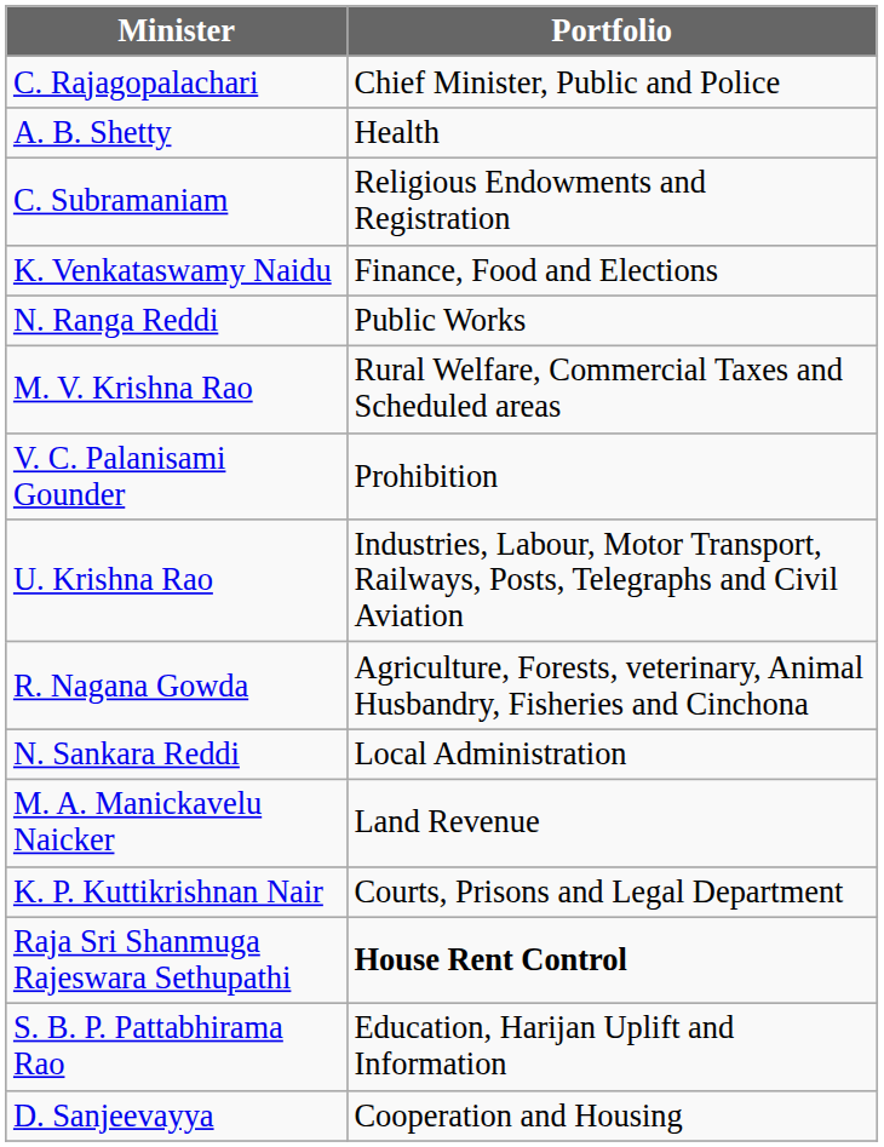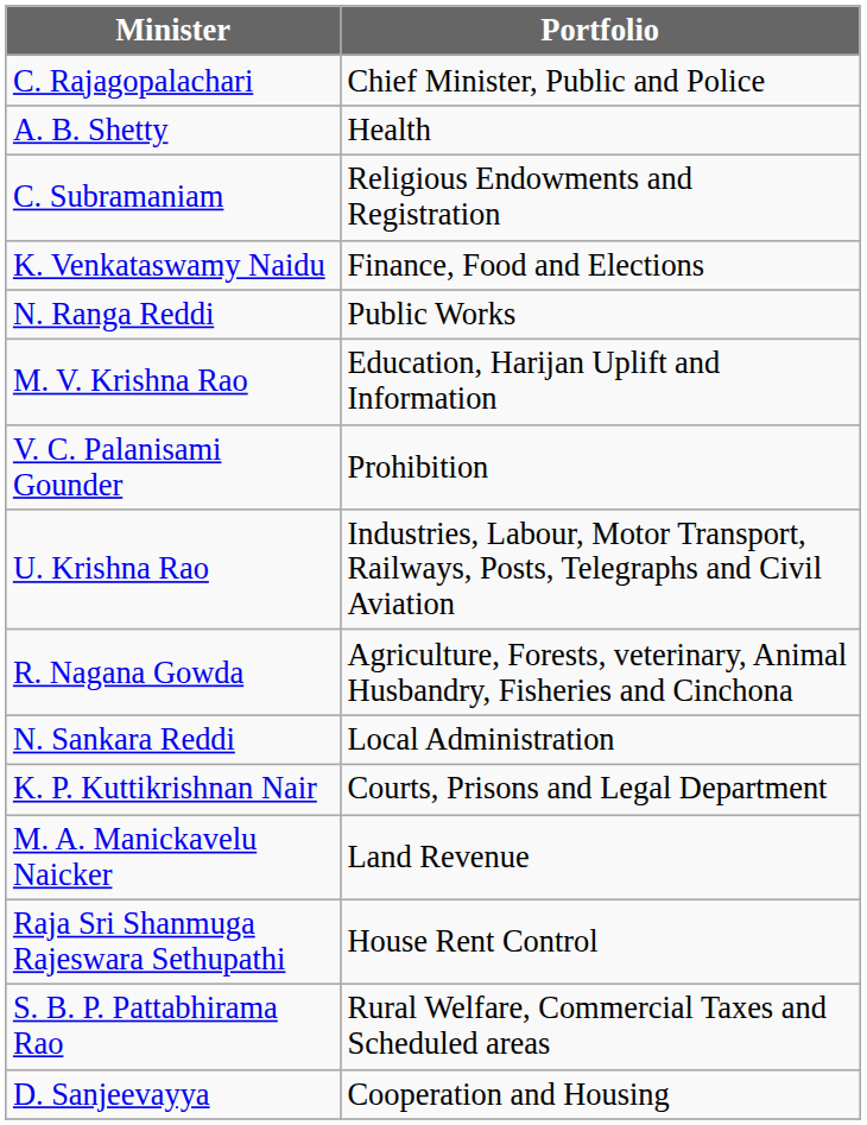 <table class="wikitable" width="70%" style="font-size: x-big; font-family: verdana">
 <tr>
 <th style="background-color:#666666; color:white">Minister</th>
 <th style="background-color:#666666; color:white">Portfolio</th>
 </tr>
 <tr -->
 <td><a href='#'>C. Rajagopalachari</a></td>
 <td>Chief Minister, Public and Police</td>
 </tr>
 <tr -->
 <td><a href='#'>A. B. Shetty</a></td>
 <td>Health</td>
 </tr>
 <tr -->
 <td><a href='#'>C. Subramaniam</a></td>
 <td>Religious Endowments and Registration</td>
 </tr>
 <tr -->
 <td><a href='#'>K. Venkataswamy Naidu</a></td>
 <td>Finance, Food and Elections</td>
 </tr>
 <tr -->
 <td><a href='#'>N. Ranga Reddi</a></td>
 <td>Public Works</td>
 </tr>
 <tr -->
 <td><a href='#'>M. V. Krishna Rao</a></td>
-<td>Rural Welfare, Commercial Taxes and Scheduled areas</td>
+<td>Education, Harijan Uplift and Information</td>
 </tr>
 <tr -->
 <td><a href='#'>V. C. Palanisami Gounder</a></td>
 <td>Prohibition</td>
 </tr>
 <tr -->
 <td><a href='#'>U. Krishna Rao</a></td>
 <td>Industries, Labour, Motor Transport, Railways, Posts, Telegraphs and Civil Aviation</td>
 </tr>
 <tr -->
 <td><a href='#'>R. Nagana Gowda</a></td>
 <td>Agriculture, Forests, veterinary, Animal Husbandry, Fisheries and Cinchona</td>
 </tr>
 <tr -->
 <td><a href='#'>N. Sankara Reddi</a></td>
 <td>Local Administration</td>
 </tr>
 <tr -->
+<td><a href='#'>K. P. Kuttikrishnan Nair</a></td>
+<td>Courts, Prisons and Legal Department</td>
+</tr>
+<tr -->
 <td><a href='#'>M. A. Manickavelu Naicker</a></td>
 <td>Land Revenue</td>
 </tr>
 <tr -->
-<td><a href='#'>K. P. Kuttikrishnan Nair</a></td>
-<td>Courts, Prisons and Legal Department</td>
-</tr>
-<tr -->
 <td><a href='#'>Raja Sri Shanmuga Rajeswara Sethupathi</a></td>
-<td><strong>House Rent Control</strong></td>
+<td>House Rent Control</td>
 </tr>
 <tr -->
 <td><a href='#'>S. B. P. Pattabhirama Rao</a></td>
-<td>Education, Harijan Uplift and Information</td>
+<td>Rural Welfare, Commercial Taxes and Scheduled areas</td>
 </tr>
 <tr -->
 <td><a href='#'>D. Sanjeevayya</a></td>
 <td>Cooperation and Housing</td>
 </tr>
 </table>
